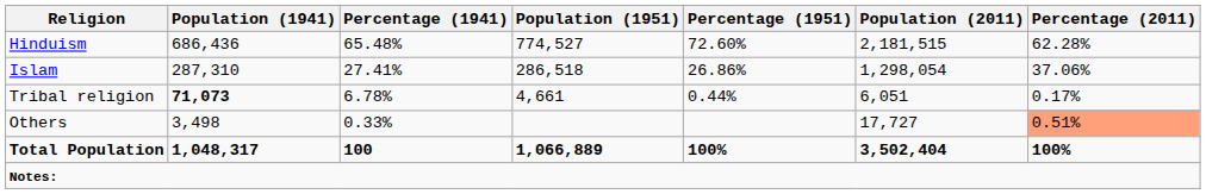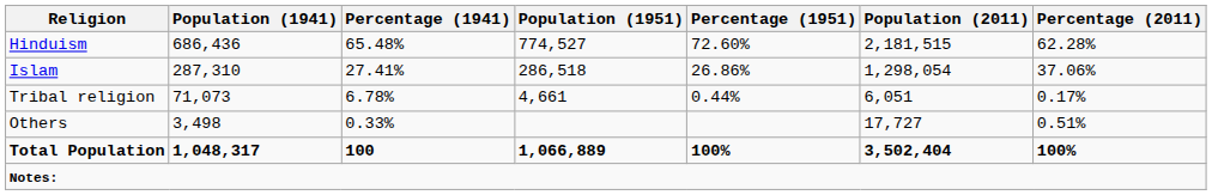 <table class="wikitable">
 <tr>
 <th>Religion</th>
 <th>Population (1941)</th>
 <th>Percentage (1941)</th>
 <th>Population (1951)</th>
 <th>Percentage (1951)</th>
 <th>Population (2011)</th>
 <th>Percentage (2011)</th>
 </tr>
 <tr>
 <td><a href='#'>Hinduism</a> </td>
 <td>686,436</td>
 <td>65.48%</td>
 <td>774,527</td>
 <td>72.60%</td>
 <td>2,181,515</td>
 <td>62.28%</td>
 </tr>
 <tr>
 <td><a href='#'>Islam</a> </td>
 <td>287,310</td>
 <td>27.41%</td>
 <td>286,518</td>
 <td>26.86%</td>
 <td>1,298,054</td>
 <td>37.06%</td>
 </tr>
 <tr>
 <td>Tribal religion</td>
-<td><strong>71,073</strong></td>
+<td>71,073</td>
 <td>6.78%</td>
 <td>4,661</td>
 <td>0.44%</td>
 <td>6,051</td>
 <td>0.17%</td>
 </tr>
 <tr>
 <td>Others</td>
 <td>3,498</td>
 <td>0.33%</td>
 <td></td>
 <td></td>
 <td>17,727</td>
-<td style="background: lightsalmon;">0.51%</td>
+<td>0.51%</td>
 </tr>
 <tr>
 <td><strong>Total Population</strong></td>
 <td><strong>1,048,317</strong></td>
 <td><strong>100</strong></td>
 <td><strong>1,066,889</strong></td>
 <td><strong>100%</strong></td>
 <td><strong>3,502,404</strong></td>
 <td><strong>100%</strong></td>
 </tr>
 <tr>
 <td colspan="7"><small><strong>Notes:</strong></small><br></td>
 </tr>
 </table>
